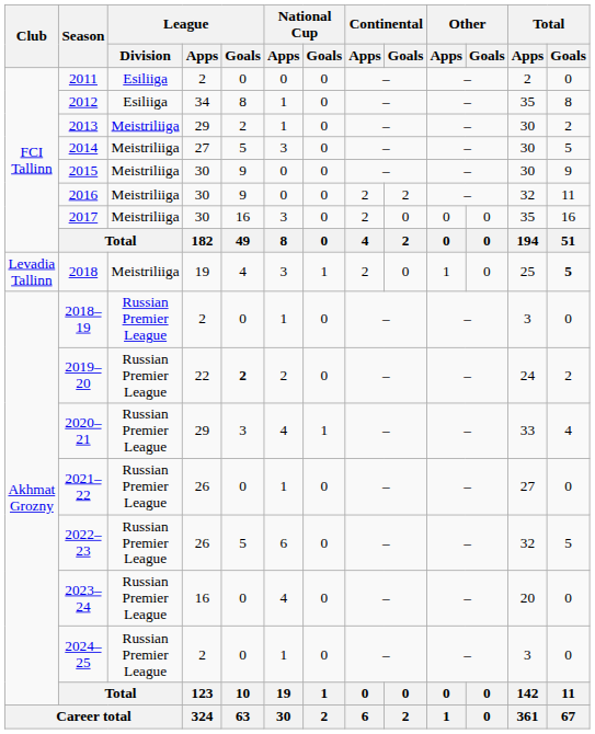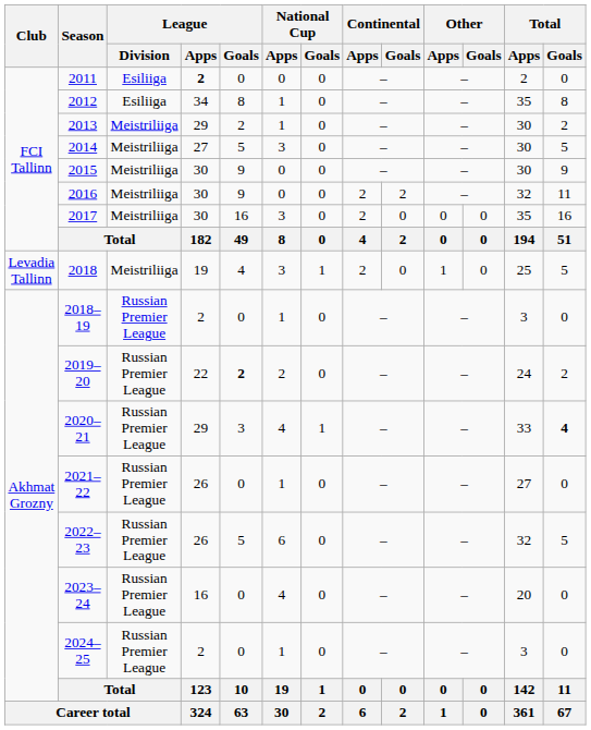 <table class="wikitable" style="text-align: center">
 <tr>
 <th rowspan="2">Club</th>
 <th rowspan="2">Season</th>
 <th colspan="3">League</th>
 <th colspan="2">National Cup</th>
 <th colspan="2">Continental</th>
 <th colspan="2">Other</th>
 <th colspan="2">Total</th>
 </tr>
 <tr>
 <th>Division</th>
 <th>Apps</th>
 <th>Goals</th>
 <th>Apps</th>
 <th>Goals</th>
 <th>Apps</th>
 <th>Goals</th>
 <th>Apps</th>
 <th>Goals</th>
 <th>Apps</th>
 <th>Goals</th>
 </tr>
 <tr>
 <td rowspan="8"><a href='#'>FCI Tallinn</a></td>
 <td><a href='#'>2011</a></td>
 <td><a href='#'>Esiliiga</a></td>
-<td>2</td>
+<td><strong>2</strong></td>
 <td>0</td>
 <td>0</td>
 <td>0</td>
 <td colspan="2">–</td>
 <td colspan="2">–</td>
 <td>2</td>
 <td>0</td>
 </tr>
 <tr>
 <td><a href='#'>2012</a></td>
 <td>Esiliiga</td>
 <td>34</td>
 <td>8</td>
 <td>1</td>
 <td>0</td>
 <td colspan="2">–</td>
 <td colspan="2">–</td>
 <td>35</td>
 <td>8</td>
 </tr>
 <tr>
 <td><a href='#'>2013</a></td>
 <td><a href='#'>Meistriliiga</a></td>
 <td>29</td>
 <td>2</td>
 <td>1</td>
 <td>0</td>
 <td colspan="2">–</td>
 <td colspan="2">–</td>
 <td>30</td>
 <td>2</td>
 </tr>
 <tr>
 <td><a href='#'>2014</a></td>
 <td>Meistriliiga</td>
 <td>27</td>
 <td>5</td>
 <td>3</td>
 <td>0</td>
 <td colspan="2">–</td>
 <td colspan="2">–</td>
 <td>30</td>
 <td>5</td>
 </tr>
 <tr>
 <td><a href='#'>2015</a></td>
 <td>Meistriliiga</td>
 <td>30</td>
 <td>9</td>
 <td>0</td>
 <td>0</td>
 <td colspan="2">–</td>
 <td colspan="2">–</td>
 <td>30</td>
 <td>9</td>
 </tr>
 <tr>
 <td><a href='#'>2016</a></td>
 <td>Meistriliiga</td>
 <td>30</td>
 <td>9</td>
 <td>0</td>
 <td>0</td>
 <td>2</td>
 <td>2</td>
 <td colspan="2">–</td>
 <td>32</td>
 <td>11</td>
 </tr>
 <tr>
 <td><a href='#'>2017</a></td>
 <td>Meistriliiga</td>
 <td>30</td>
 <td>16</td>
 <td>3</td>
 <td>0</td>
 <td>2</td>
 <td>0</td>
 <td>0</td>
 <td>0</td>
 <td>35</td>
 <td>16</td>
 </tr>
 <tr>
 <th colspan="2">Total</th>
 <th>182</th>
 <th>49</th>
 <th>8</th>
 <th>0</th>
 <th>4</th>
 <th>2</th>
 <th>0</th>
 <th>0</th>
 <th>194</th>
 <th>51</th>
 </tr>
 <tr>
 <td><a href='#'>Levadia Tallinn</a></td>
 <td><a href='#'>2018</a></td>
 <td>Meistriliiga</td>
 <td>19</td>
 <td>4</td>
 <td>3</td>
 <td>1</td>
 <td>2</td>
 <td>0</td>
 <td>1</td>
 <td>0</td>
 <td>25</td>
-<td><strong>5</strong></td>
+<td>5</td>
 </tr>
 <tr>
 <td rowspan="8"><a href='#'>Akhmat Grozny</a></td>
 <td><a href='#'>2018–19</a></td>
 <td><a href='#'>Russian Premier League</a></td>
 <td>2</td>
 <td>0</td>
 <td>1</td>
 <td>0</td>
 <td colspan="2">–</td>
 <td colspan="2">–</td>
 <td>3</td>
 <td>0</td>
 </tr>
 <tr>
 <td><a href='#'>2019–20</a></td>
 <td>Russian Premier League</td>
 <td>22</td>
 <td><strong>2</strong></td>
 <td>2</td>
 <td>0</td>
 <td colspan="2">–</td>
 <td colspan="2">–</td>
 <td>24</td>
 <td>2</td>
 </tr>
 <tr>
 <td><a href='#'>2020–21</a></td>
 <td>Russian Premier League</td>
 <td>29</td>
 <td>3</td>
 <td>4</td>
 <td>1</td>
 <td colspan="2">–</td>
 <td colspan="2">–</td>
 <td>33</td>
-<td>4</td>
+<td><strong>4</strong></td>
 </tr>
 <tr>
 <td><a href='#'>2021–22</a></td>
 <td>Russian Premier League</td>
 <td>26</td>
 <td>0</td>
 <td>1</td>
 <td>0</td>
 <td colspan="2">–</td>
 <td colspan="2">–</td>
 <td>27</td>
 <td>0</td>
 </tr>
 <tr>
 <td><a href='#'>2022–23</a></td>
 <td>Russian Premier League</td>
 <td>26</td>
 <td>5</td>
 <td>6</td>
 <td>0</td>
 <td colspan="2">–</td>
 <td colspan="2">–</td>
 <td>32</td>
 <td>5</td>
 </tr>
 <tr>
 <td><a href='#'>2023–24</a></td>
 <td>Russian Premier League</td>
 <td>16</td>
 <td>0</td>
 <td>4</td>
 <td>0</td>
 <td colspan="2">–</td>
 <td colspan="2">–</td>
 <td>20</td>
 <td>0</td>
 </tr>
 <tr>
 <td><a href='#'>2024–25</a></td>
 <td>Russian Premier League</td>
 <td>2</td>
 <td>0</td>
 <td>1</td>
 <td>0</td>
 <td colspan="2">–</td>
 <td colspan="2">–</td>
 <td>3</td>
 <td>0</td>
 </tr>
 <tr>
 <th colspan="2">Total</th>
 <th>123</th>
 <th>10</th>
 <th>19</th>
 <th>1</th>
 <th>0</th>
 <th>0</th>
 <th>0</th>
 <th>0</th>
 <th>142</th>
 <th>11</th>
 </tr>
 <tr>
 <th colspan="3">Career total</th>
 <th>324</th>
 <th>63</th>
 <th>30</th>
 <th>2</th>
 <th>6</th>
 <th>2</th>
 <th>1</th>
 <th>0</th>
 <th>361</th>
 <th>67</th>
 </tr>
 </table>
